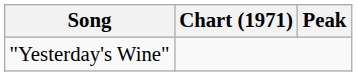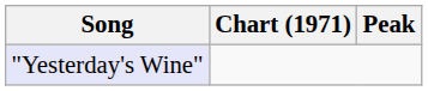 <table class="wikitable">
 <tr>
 <th scope="col">Song</th>
 <th scope="col">Chart (1971)</th>
 <th scope="col">Peak</th>
 </tr>
 <tr>
-<td>"Yesterday's Wine"<br></td>
+<td style="background: lavender;">"Yesterday's Wine"<br></td>
 </tr>
 </table>
